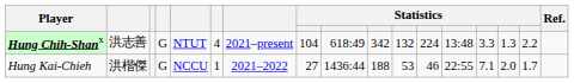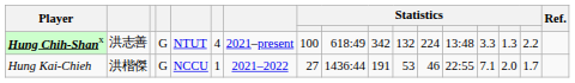 <table class="wikitable sortable" style="font-size:95%; text-align:right;">
 <tr>
 <th rowspan="2">Player</th>
 <th rowspan="2"></th>
 <th rowspan="2"></th>
 <th rowspan="2"></th>
 <th rowspan="2"></th>
 <th rowspan="2"></th>
 <th rowspan="2"></th>
 <th colspan="9">Statistics</th>
 <th rowspan="2">Ref.</th>
 </tr>
 <tr>
 <th></th>
 <th></th>
 <th></th>
 <th></th>
 <th></th>
 <th></th>
 <th></th>
 <th></th>
 <th></th>
 </tr>
 <tr>
 <td align="left" bgcolor="#CCFFCC"><u><strong><em>Hung Chih-Shan</em></strong></u><sup>x</sup></td>
 <td align="left">洪志善</td>
 <td align="center"></td>
 <td align="center">G</td>
 <td align="left"><a href='#'>NTUT</a></td>
 <td align="center">4</td>
 <td align="center"><a href='#'>2021</a>–<a href='#'>present</a></td>
-<td>104</td>
+<td>100</td>
 <td>618:49</td>
 <td>342</td>
 <td>132</td>
 <td>224</td>
 <td>13:48</td>
 <td>3.3</td>
 <td>1.3</td>
 <td>2.2</td>
 <td align="center"></td>
 </tr>
 <tr>
 <td align="left"><em>Hung Kai-Chieh</em></td>
 <td align="left">洪楷傑</td>
 <td align="center"></td>
 <td align="center">G</td>
 <td align="left"><a href='#'>NCCU</a></td>
 <td align="center">1</td>
 <td align="center"><a href='#'>2021–2022</a></td>
 <td>27</td>
 <td>1436:44</td>
-<td>188</td>
+<td>191</td>
 <td>53</td>
 <td>46</td>
 <td>22:55</td>
 <td>7.1</td>
 <td>2.0</td>
 <td>1.7</td>
 <td align="center"></td>
 </tr>
 </table>
